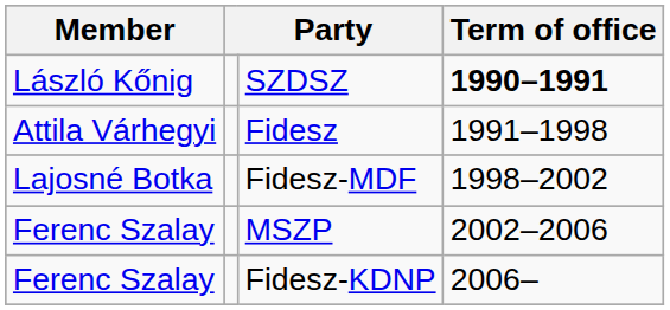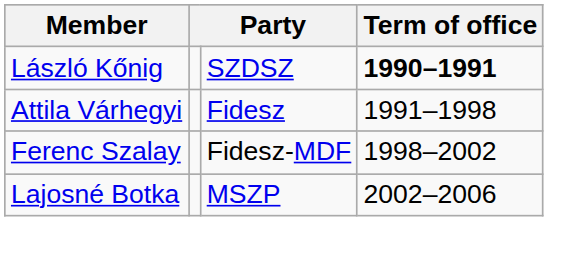 <table class=wikitable>
 <tr>
 <th>Member</th>
 <th colspan=2>Party</th>
 <th>Term of office</th>
 </tr>
 <tr>
 <td><a href='#'>László Kőnig</a></td>
 <td style="background-color:"></td>
 <td><a href='#'>SZDSZ</a></td>
 <td><strong>1990–1991</strong></td>
 </tr>
 <tr>
 <td><a href='#'>Attila Várhegyi</a></td>
 <td style="background-color:"></td>
 <td><a href='#'>Fidesz</a></td>
 <td>1991–1998</td>
 </tr>
 <tr>
-<td><a href='#'>Lajosné Botka</a></td>
+<td><a href='#'>Ferenc Szalay</a></td>
 <td style="background-color:"></td>
 <td>Fidesz-<a href='#'>MDF</a></td>
 <td>1998–2002</td>
 </tr>
 <tr>
-<td><a href='#'>Ferenc Szalay</a></td>
+<td><a href='#'>Lajosné Botka</a></td>
 <td style="background-color:"></td>
 <td><a href='#'>MSZP</a></td>
 <td>2002–2006</td>
 </tr>
-<tr>
-<td><a href='#'>Ferenc Szalay</a></td>
-<td style="background-color:"></td>
-<td>Fidesz-<a href='#'>KDNP</a></td>
-<td>2006–</td>
-</tr>
 </table>
